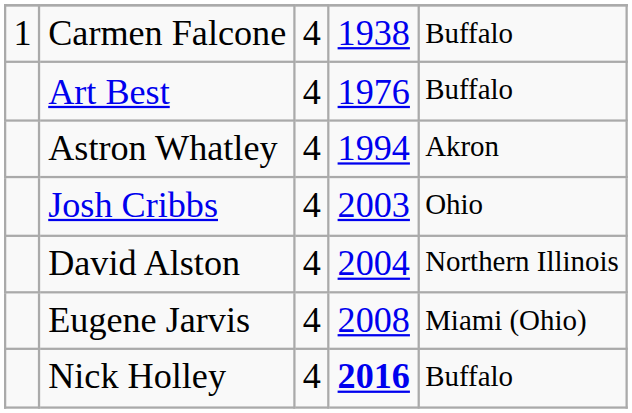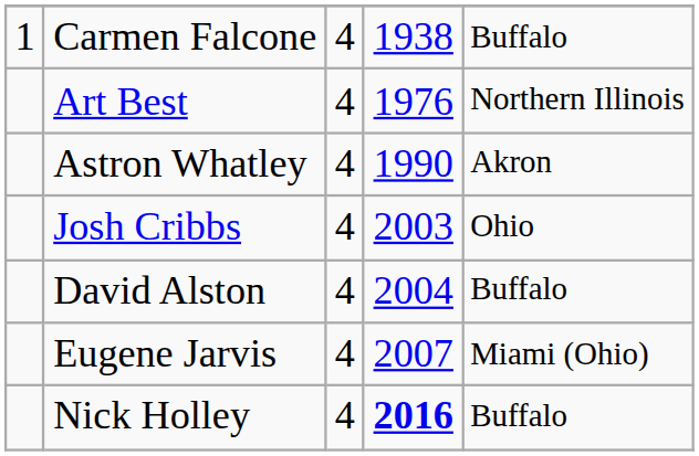 <table class="wikitable" style="display:inline-table;">
 <tr>
 </tr>
 <tr>
 <td>1</td>
 <td>Carmen Falcone</td>
 <td>4</td>
 <td><a href='#'>1938</a></td>
 <td style="font-size:80%;">Buffalo</td>
 </tr>
 <tr>
 <td></td>
 <td><a href='#'>Art Best</a></td>
 <td>4</td>
 <td><a href='#'>1976</a></td>
-<td style="font-size:80%;">Buffalo</td>
+<td style="font-size:80%;">Northern Illinois</td>
 </tr>
 <tr>
 <td></td>
 <td>Astron Whatley</td>
 <td>4</td>
-<td><a href='#'>1994</a></td>
+<td><a href='#'>1990</a></td>
 <td style="font-size:80%;">Akron</td>
 </tr>
 <tr>
 <td></td>
 <td><a href='#'>Josh Cribbs</a></td>
 <td>4</td>
 <td><a href='#'>2003</a></td>
 <td style="font-size:80%;">Ohio</td>
 </tr>
 <tr>
 <td></td>
 <td>David Alston</td>
 <td>4</td>
 <td><a href='#'>2004</a></td>
-<td style="font-size:80%;">Northern Illinois</td>
+<td style="font-size:80%;">Buffalo</td>
 </tr>
 <tr>
 <td></td>
 <td>Eugene Jarvis</td>
 <td>4</td>
-<td><a href='#'>2008</a></td>
+<td><a href='#'>2007</a></td>
 <td style="font-size:80%;">Miami (Ohio)</td>
 </tr>
 <tr>
 <td></td>
 <td>Nick Holley</td>
 <td>4</td>
 <td><strong><a href='#'>2016</a></strong></td>
 <td style="font-size:80%;">Buffalo</td>
 </tr>
 </table>
